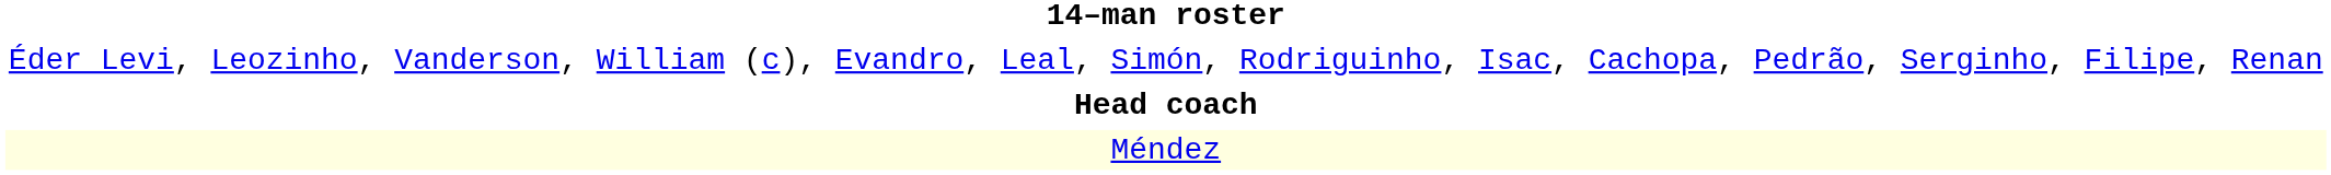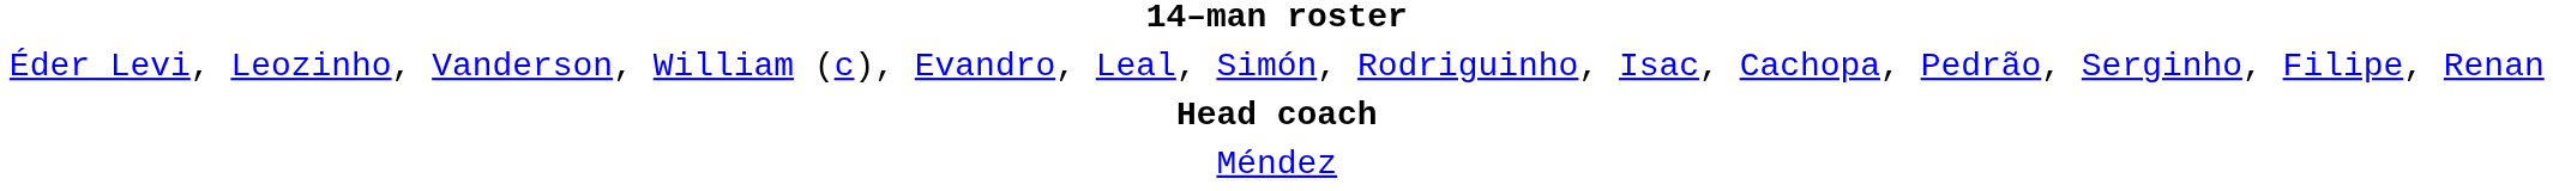 <table style="text-align:center; margin-top:2em; margin-left:auto; margin-right:auto">
 <tr>
 <td><strong>14–man roster</strong></td>
 </tr>
 <tr>
 <td><a href='#'>Éder Levi</a>, <a href='#'>Leozinho</a>, <a href='#'>Vanderson</a>, <a href='#'>William</a> (<a href='#'>c</a>), <a href='#'>Evandro</a>, <a href='#'>Leal</a>, <a href='#'>Simón</a>, <a href='#'>Rodriguinho</a>, <a href='#'>Isac</a>, <a href='#'>Cachopa</a>, <a href='#'>Pedrão</a>, <a href='#'>Serginho</a>, <a href='#'>Filipe</a>, <a href='#'>Renan</a></td>
 </tr>
 <tr>
 <td><strong>Head coach</strong></td>
 </tr>
 <tr>
-<td style="background: lightyellow;"><a href='#'>Méndez</a></td>
+<td><a href='#'>Méndez</a></td>
 </tr>
 </table>
